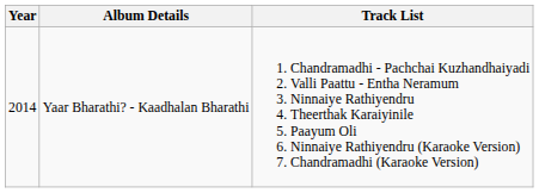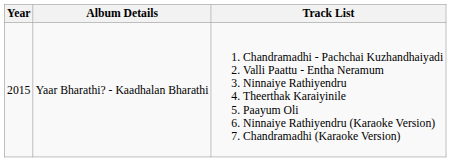 <table class="wikitable">
 <tr>
 <th>Year</th>
 <th>Album Details</th>
 <th>Track List</th>
 </tr>
 <tr>
-<td>2014</td>
+<td>2015</td>
 <td>Yaar Bharathi? - Kaadhalan Bharathi</td>
 <td><br><ol><li>Chandramadhi - Pachchai Kuzhandhaiyadi</li><li>Valli Paattu - Entha Neramum</li><li>Ninnaiye Rathiyendru</li><li>Theerthak Karaiyinile</li><li>Paayum Oli</li><li>Ninnaiye Rathiyendru (Karaoke Version)</li><li>Chandramadhi (Karaoke Version)</li></ol></td>
 </tr>
 </table>
